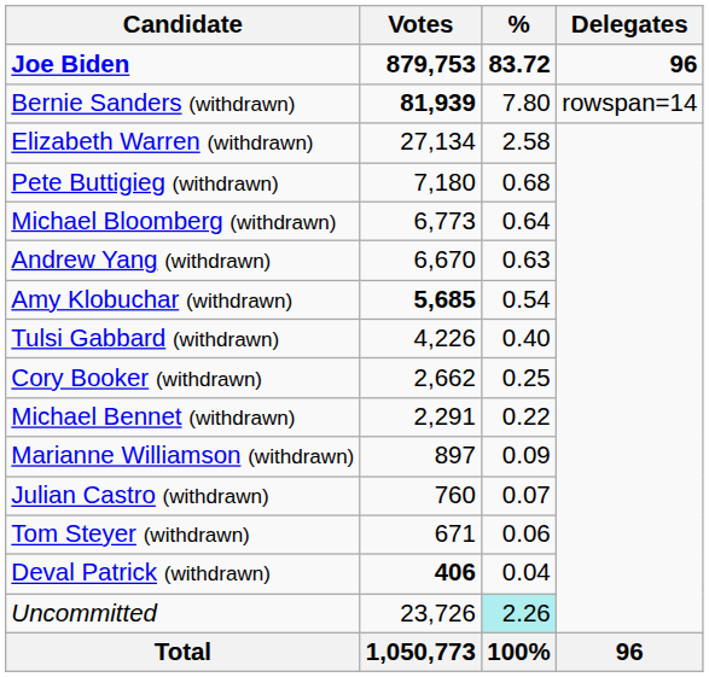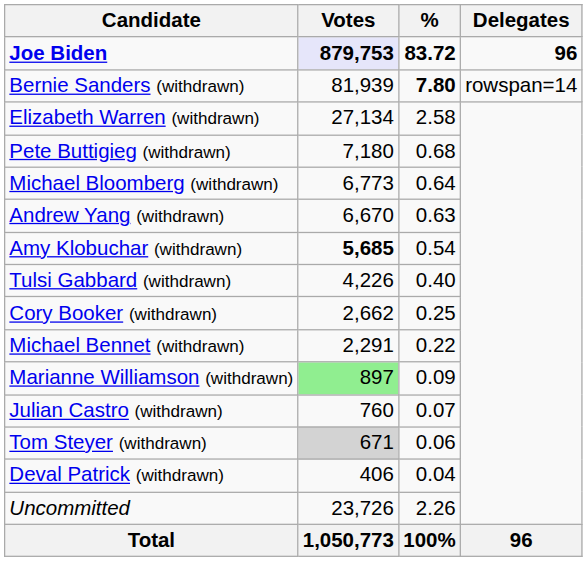 <table class="wikitable sortable" style="text-align:right;">
 <tr>
 <th>Candidate</th>
 <th>Votes</th>
 <th>%</th>
 <th>Delegates</th>
 </tr>
 <tr>
 <td style="text-align:left;" data-sort-value="Biden, Joe"><strong><a href='#'>Joe Biden</a></strong></td>
-<td><strong>879,753</strong></td>
+<td style="background: lavender;"><strong>879,753</strong></td>
 <td><strong>83.72</strong></td>
 <td><strong>96</strong></td>
 </tr>
 <tr>
 <td style="text-align:left;" data-sort-value="Sanders, Bernie"><a href='#'>Bernie Sanders</a> <small>(withdrawn)</small></td>
-<td><strong>81,939</strong></td>
-<td>7.80</td>
+<td>81,939</td>
+<td><strong>7.80</strong></td>
 <td>rowspan=14 </td>
 </tr>
 <tr>
 <td style="text-align:left;" data-sort-value="Warren, Elizabeth"><a href='#'>Elizabeth Warren</a> <small>(withdrawn)</small></td>
 <td>27,134</td>
 <td>2.58</td>
 </tr>
 <tr>
 <td style="text-align:left;" data-sort-value="Buttigieg, Pete"><a href='#'>Pete Buttigieg</a> <small>(withdrawn)</small></td>
 <td>7,180</td>
 <td>0.68</td>
 </tr>
 <tr>
 <td style="text-align:left;" data-sort-value="Bloomberg, Michael"><a href='#'>Michael Bloomberg</a> <small>(withdrawn)</small></td>
 <td>6,773</td>
 <td>0.64</td>
 </tr>
 <tr>
 <td style="text-align:left;" data-sort-value="Yang, Andrew"><a href='#'>Andrew Yang</a> <small>(withdrawn)</small></td>
 <td>6,670</td>
 <td>0.63</td>
 </tr>
 <tr>
 <td style="text-align:left;" data-sort-value="Klobuchar, Amy"><a href='#'>Amy Klobuchar</a> <small>(withdrawn)</small></td>
 <td><strong>5,685</strong></td>
 <td>0.54</td>
 </tr>
 <tr>
 <td style="text-align:left;" data-sort-value="Gabbard, Tulsi"><a href='#'>Tulsi Gabbard</a> <small> (withdrawn) </small></td>
 <td>4,226</td>
 <td>0.40</td>
 </tr>
 <tr>
 <td style="text-align:left;" data-sort-value="Booker, Cory"><a href='#'>Cory Booker</a> <small>(withdrawn)</small></td>
 <td>2,662</td>
 <td>0.25</td>
 </tr>
 <tr>
 <td style="text-align:left;" data-sort-value="Bennet, Michael"><a href='#'>Michael Bennet</a> <small>(withdrawn)</small></td>
 <td>2,291</td>
 <td>0.22</td>
 </tr>
 <tr>
 <td style="text-align:left;" data-sort-value="Williamson, Marianne"><a href='#'>Marianne Williamson</a> <small>(withdrawn)</small></td>
-<td>897</td>
+<td style="background: lightgreen;">897</td>
 <td>0.09</td>
 </tr>
 <tr>
 <td style="text-align:left;" data-sort-value="Castro, Julian"><a href='#'>Julian Castro</a> <small>(withdrawn)</small></td>
 <td>760</td>
 <td>0.07</td>
 </tr>
 <tr>
 <td style="text-align:left;" data-sort-value="Steyer, Tom"><a href='#'>Tom Steyer</a> <small>(withdrawn)</small></td>
-<td>671</td>
+<td style="background: lightgrey;">671</td>
 <td>0.06</td>
 </tr>
 <tr>
 <td style="text-align:left;" data-sort-value="Patrick, Deval"><a href='#'>Deval Patrick</a> <small>(withdrawn)</small></td>
-<td><strong>406</strong></td>
+<td>406</td>
 <td>0.04</td>
 </tr>
 <tr>
 <td style="text-align:left;" data-sort-value="ZZ"><em>Uncommitted</em></td>
 <td>23,726</td>
-<td style="background: paleturquoise;">2.26</td>
+<td>2.26</td>
 </tr>
 <tr>
 <th>Total</th>
 <th>1,050,773</th>
 <th>100%</th>
 <th>96</th>
 </tr>
 </table>
